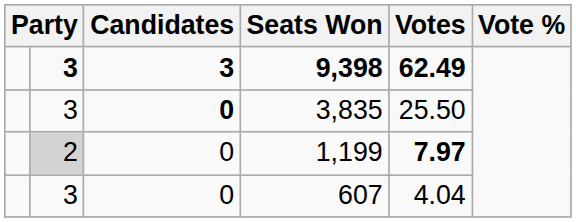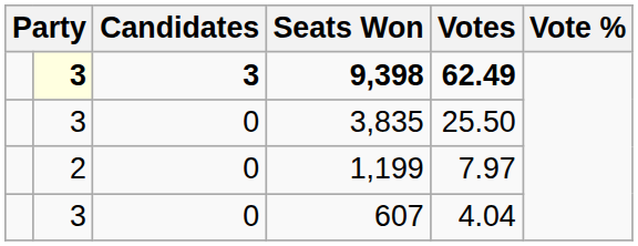 <table class="wikitable" style="text-align: right;">
 <tr>
 <th colspan=2>Party</th>
 <th scope="col" text-align="right">Candidates</th>
 <th>Seats Won</th>
 <th>Votes</th>
 <th>Vote %</th>
 </tr>
 <tr style="font-weight: bold;">
 <td></td>
-<td>3</td>
+<td style="background: lightyellow;">3</td>
 <td>3</td>
 <td>9,398</td>
 <td>62.49</td>
 </tr>
 <tr>
 <td></td>
 <td>3</td>
-<td><strong>0</strong></td>
+<td>0</td>
 <td>3,835</td>
 <td>25.50</td>
 </tr>
 <tr>
 <td></td>
-<td style="background: lightgrey;">2</td>
+<td>2</td>
 <td>0</td>
 <td>1,199</td>
-<td><strong>7.97</strong></td>
+<td>7.97</td>
 </tr>
 <tr>
 <td></td>
 <td>3</td>
 <td>0</td>
 <td>607</td>
 <td>4.04</td>
 </tr>
 </table>
